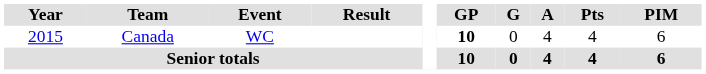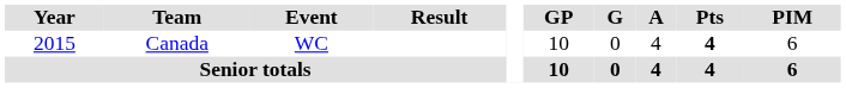 <table border="0" cellpadding="1" cellspacing="0" style="text-align:center; width:40em">
 <tr ALIGN="center" bgcolor="#e0e0e0">
 <th>Year</th>
 <th>Team</th>
 <th>Event</th>
 <th>Result</th>
 <th rowspan="99" bgcolor="#ffffff"> </th>
 <th>GP</th>
 <th>G</th>
 <th>A</th>
 <th>Pts</th>
 <th>PIM</th>
 </tr>
 <tr>
 <td><a href='#'>2015</a></td>
 <td><a href='#'>Canada</a></td>
 <td><a href='#'>WC</a></td>
 <td></td>
-<td><strong>10</strong></td>
+<td>10</td>
 <td>0</td>
 <td>4</td>
-<td>4</td>
+<td><strong>4</strong></td>
 <td>6</td>
 </tr>
 <tr bgcolor="#e0e0e0">
 <th colspan="4">Senior totals</th>
 <th>10</th>
 <th>0</th>
 <th>4</th>
 <th>4</th>
 <th>6</th>
 </tr>
 </table>
